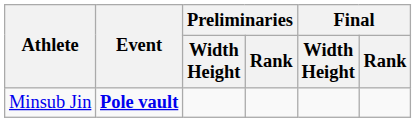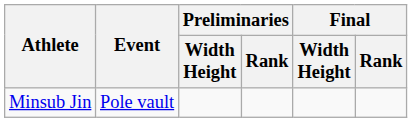 <table class=wikitable style="font-size:90%;">
 <tr>
 <th rowspan="2">Athlete</th>
 <th rowspan="2">Event</th>
 <th colspan="2">Preliminaries</th>
 <th colspan="2">Final</th>
 </tr>
 <tr>
 <th>Width<br>Height</th>
 <th>Rank</th>
 <th>Width<br>Height</th>
 <th>Rank</th>
 </tr>
 <tr style="border-top: single;">
 <td><a href='#'>Minsub Jin</a></td>
-<td><strong><a href='#'>Pole vault</a></strong></td>
+<td><a href='#'>Pole vault</a></td>
 <td align=center></td>
 <td align=center></td>
 <td align=center></td>
 <td align=center></td>
 </tr>
 </table>
